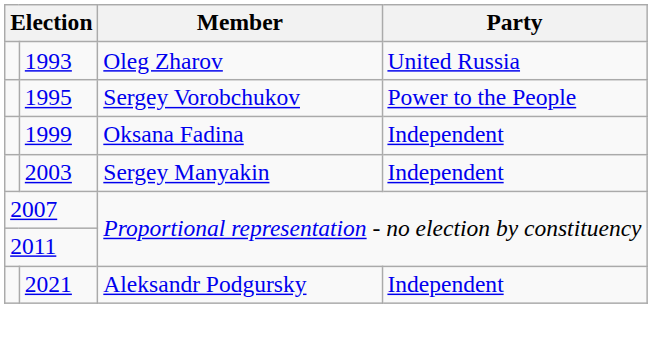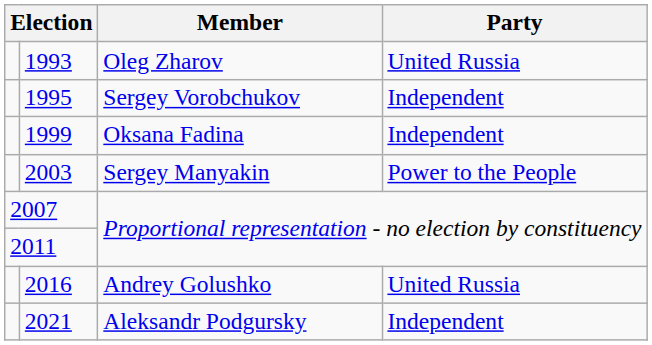 <table class="wikitable">
 <tr>
 <th colspan="2">Election</th>
 <th>Member</th>
 <th>Party</th>
 </tr>
 <tr>
 <td style="background-color:"></td>
 <td><a href='#'>1993</a></td>
 <td><a href='#'>Oleg Zharov</a></td>
 <td><a href='#'>United Russia</a></td>
 </tr>
 <tr>
 <td style="background-color:"></td>
 <td><a href='#'>1995</a></td>
 <td><a href='#'>Sergey Vorobchukov</a></td>
-<td><a href='#'>Power to the People</a></td>
+<td><a href='#'>Independent</a></td>
 </tr>
 <tr>
 <td style="background-color:"></td>
 <td><a href='#'>1999</a></td>
 <td><a href='#'>Oksana Fadina</a></td>
 <td><a href='#'>Independent</a></td>
 </tr>
 <tr>
 <td style="background-color:"></td>
 <td><a href='#'>2003</a></td>
 <td><a href='#'>Sergey Manyakin</a></td>
-<td><a href='#'>Independent</a></td>
+<td><a href='#'>Power to the People</a></td>
 </tr>
 <tr>
 <td colspan=2><a href='#'>2007</a></td>
 <td colspan=2 rowspan=2><em><a href='#'>Proportional representation</a> - no election by constituency</em></td>
 </tr>
 <tr>
 <td colspan=2><a href='#'>2011</a></td>
 </tr>
 <tr>
 <td style="background-color: "></td>
+<td><a href='#'>2016</a></td>
+<td><a href='#'>Andrey Golushko</a></td>
+<td><a href='#'>United Russia</a></td>
+</tr>
+<tr>
+<td style="background-color: "></td>
 <td><a href='#'>2021</a></td>
 <td><a href='#'>Aleksandr Podgursky</a></td>
 <td><a href='#'>Independent</a></td>
 </tr>
 </table>
